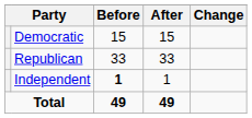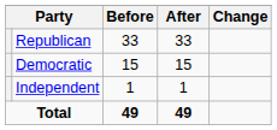 <table class="wikitable" style="text-align:center;">
 <tr>
 </tr>
 <tr>
 <th colspan="2">Party</th>
 <th style="width:3em">Before</th>
 <th style="width:3em">After</th>
 <th style="width:3em">Change</th>
 </tr>
 <tr>
 <th style="background-color:"></th>
+<td style="text-align:left;"><a href='#'>Republican</a></td>
+<td>33</td>
+<td>33</td>
+<td></td>
+</tr>
+<tr>
+<th style="background-color:"></th>
 <td style="text-align:left;"><a href='#'>Democratic</a></td>
 <td>15</td>
 <td>15</td>
 <td></td>
 </tr>
 <tr>
 <th style="background-color:"></th>
-<td style="text-align:left;"><a href='#'>Republican</a></td>
-<td>33</td>
-<td>33</td>
-<td></td>
-</tr>
-<tr>
-<th style="background-color:"></th>
 <td style="text-align:left;"><a href='#'>Independent</a></td>
-<td><strong>1</strong></td>
+<td>1</td>
 <td>1</td>
 <td></td>
 </tr>
 <tr>
 <td colspan="2"><strong>Total</strong></td>
 <td><strong>49</strong></td>
 <td><strong>49</strong></td>
 <td></td>
 </tr>
 </table>
